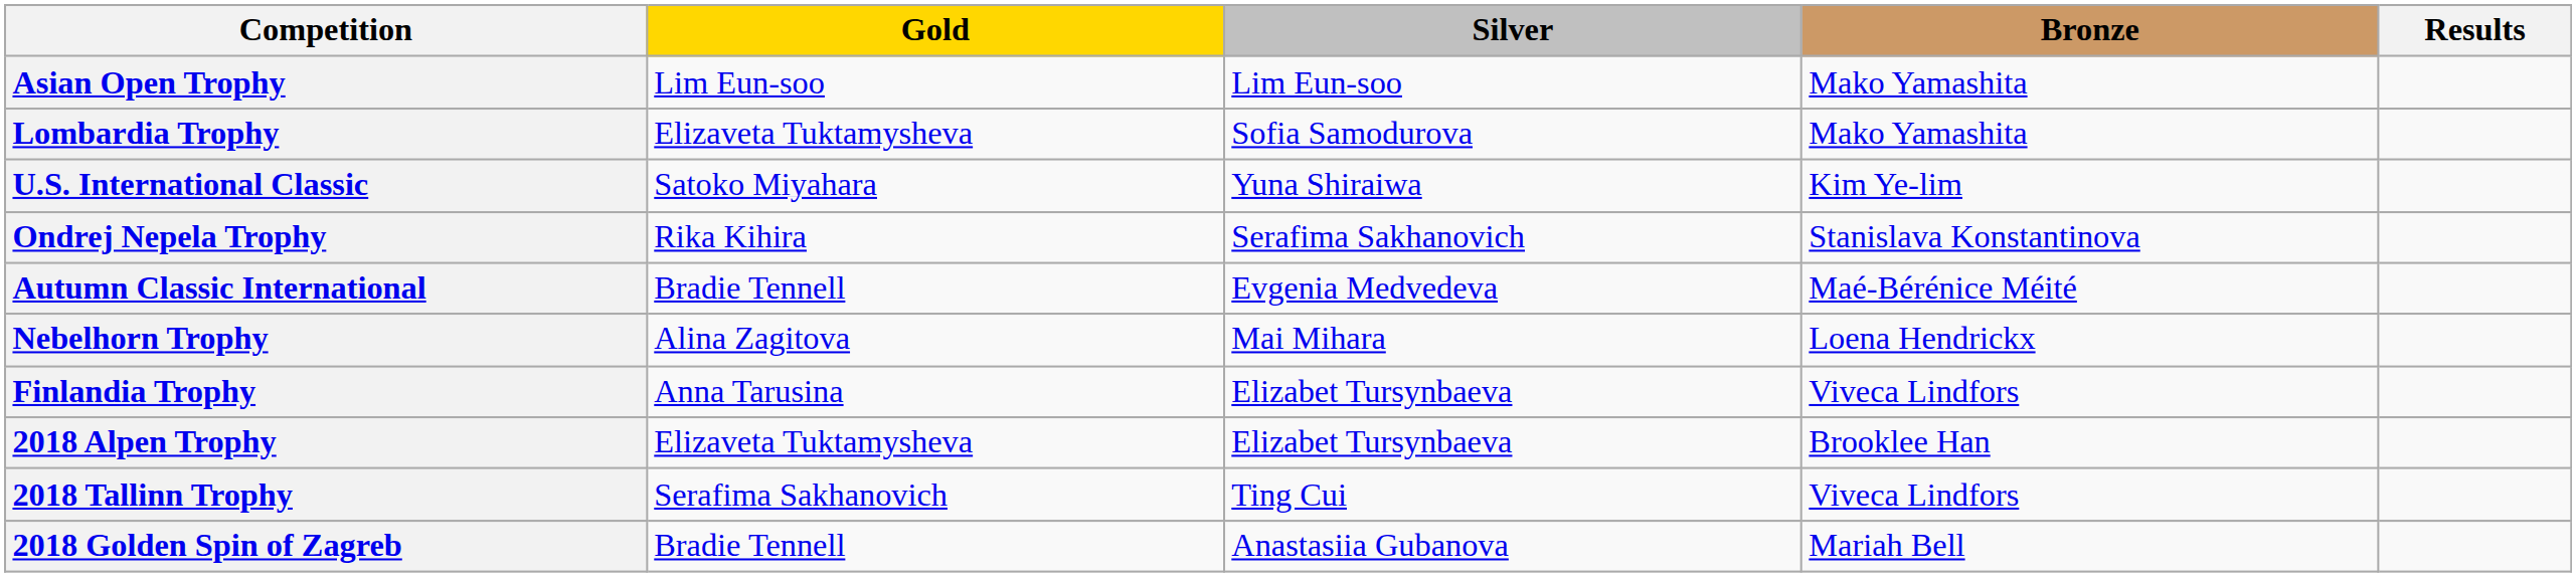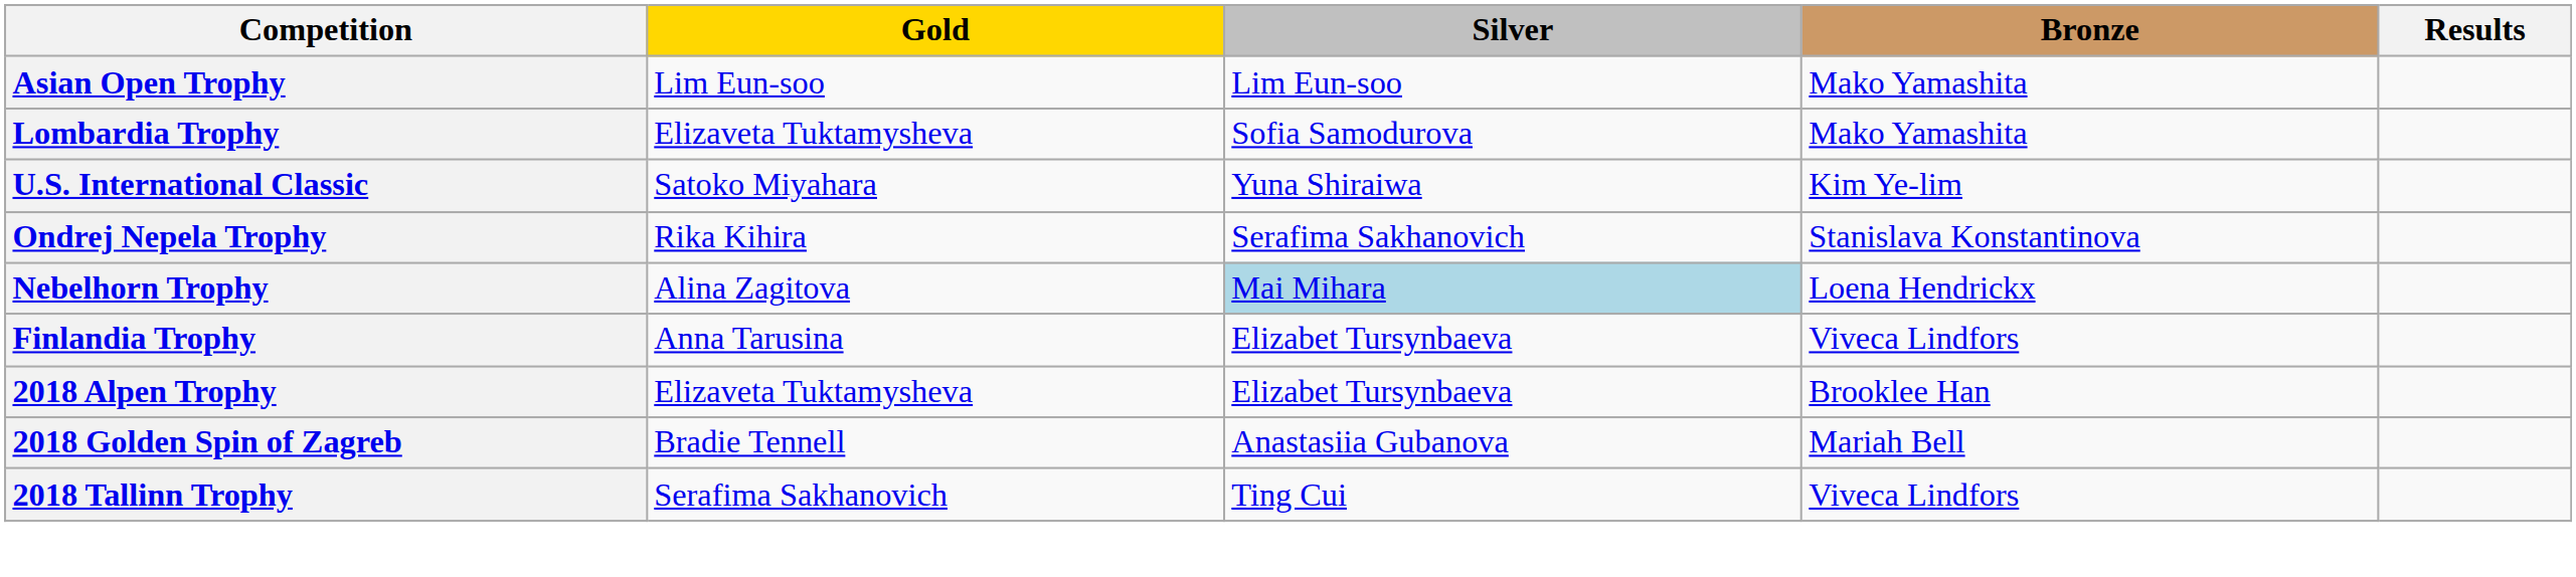 <table class="wikitable unsortable" style="text-align:left; width:100%;">
 <tr>
 <th scope="col" style="text-align:center; width:25%;">Competition</th>
 <td scope="col" style="text-align:center; width:22.5%; background:gold"><strong>Gold</strong></td>
 <td scope="col" style="text-align:center; width:22.5%; background:silver"><strong>Silver</strong></td>
 <td scope="col" style="text-align:center; width:22.5%; background:#c96"><strong>Bronze</strong></td>
 <th scope="col" style="text-align:center; width:7.5%;">Results</th>
 </tr>
 <tr>
 <th scope="row" style="text-align:left"> <a href='#'>Asian Open Trophy</a></th>
 <td> <a href='#'>Lim Eun-soo</a></td>
 <td> <a href='#'>Lim Eun-soo</a></td>
 <td> <a href='#'>Mako Yamashita</a></td>
 <td></td>
 </tr>
 <tr>
 <th scope="row" style="text-align:left"> <a href='#'>Lombardia Trophy</a></th>
 <td> <a href='#'>Elizaveta Tuktamysheva</a></td>
 <td> <a href='#'>Sofia Samodurova</a></td>
 <td> <a href='#'>Mako Yamashita</a></td>
 <td></td>
 </tr>
 <tr>
 <th scope="row" style="text-align:left"> <a href='#'>U.S. International Classic</a></th>
 <td> <a href='#'>Satoko Miyahara</a></td>
 <td> <a href='#'>Yuna Shiraiwa</a></td>
 <td> <a href='#'>Kim Ye-lim</a></td>
 <td></td>
 </tr>
 <tr>
 <th scope="row" style="text-align:left"> <a href='#'>Ondrej Nepela Trophy</a></th>
 <td> <a href='#'>Rika Kihira</a></td>
 <td> <a href='#'>Serafima Sakhanovich</a></td>
 <td> <a href='#'>Stanislava Konstantinova</a></td>
 <td></td>
 </tr>
 <tr>
-<th scope="row" style="text-align:left"> <a href='#'>Autumn Classic International</a></th>
-<td> <a href='#'>Bradie Tennell</a></td>
-<td> <a href='#'>Evgenia Medvedeva</a></td>
-<td> <a href='#'>Maé-Bérénice Méité</a></td>
-<td></td>
-</tr>
-<tr>
 <th scope="row" style="text-align:left"> <a href='#'>Nebelhorn Trophy</a></th>
 <td> <a href='#'>Alina Zagitova</a></td>
-<td> <a href='#'>Mai Mihara</a></td>
+<td style="background: lightblue;"> <a href='#'>Mai Mihara</a></td>
 <td> <a href='#'>Loena Hendrickx</a></td>
 <td></td>
 </tr>
 <tr>
 <th scope="row" style="text-align:left"> <a href='#'>Finlandia Trophy</a></th>
 <td> <a href='#'>Anna Tarusina</a></td>
 <td> <a href='#'>Elizabet Tursynbaeva</a></td>
 <td> <a href='#'>Viveca Lindfors</a></td>
 <td></td>
 </tr>
 <tr>
 <th scope="row" style="text-align:left"> <a href='#'>2018 Alpen Trophy</a></th>
 <td> <a href='#'>Elizaveta Tuktamysheva</a></td>
 <td> <a href='#'>Elizabet Tursynbaeva</a></td>
 <td> <a href='#'>Brooklee Han</a></td>
 <td></td>
 </tr>
 <tr>
+<th scope="row" style="text-align:left"> <a href='#'>2018 Golden Spin of Zagreb</a></th>
+<td> <a href='#'>Bradie Tennell</a></td>
+<td> <a href='#'>Anastasiia Gubanova</a></td>
+<td> <a href='#'>Mariah Bell</a></td>
+<td></td>
+</tr>
+<tr>
 <th scope="row" style="text-align:left"> <a href='#'>2018 Tallinn Trophy</a></th>
 <td> <a href='#'>Serafima Sakhanovich</a></td>
 <td> <a href='#'>Ting Cui</a></td>
 <td> <a href='#'>Viveca Lindfors</a></td>
 <td></td>
 </tr>
-<tr>
-<th scope="row" style="text-align:left"> <a href='#'>2018 Golden Spin of Zagreb</a></th>
-<td> <a href='#'>Bradie Tennell</a></td>
-<td> <a href='#'>Anastasiia Gubanova</a></td>
-<td> <a href='#'>Mariah Bell</a></td>
-<td></td>
-</tr>
 </table>
